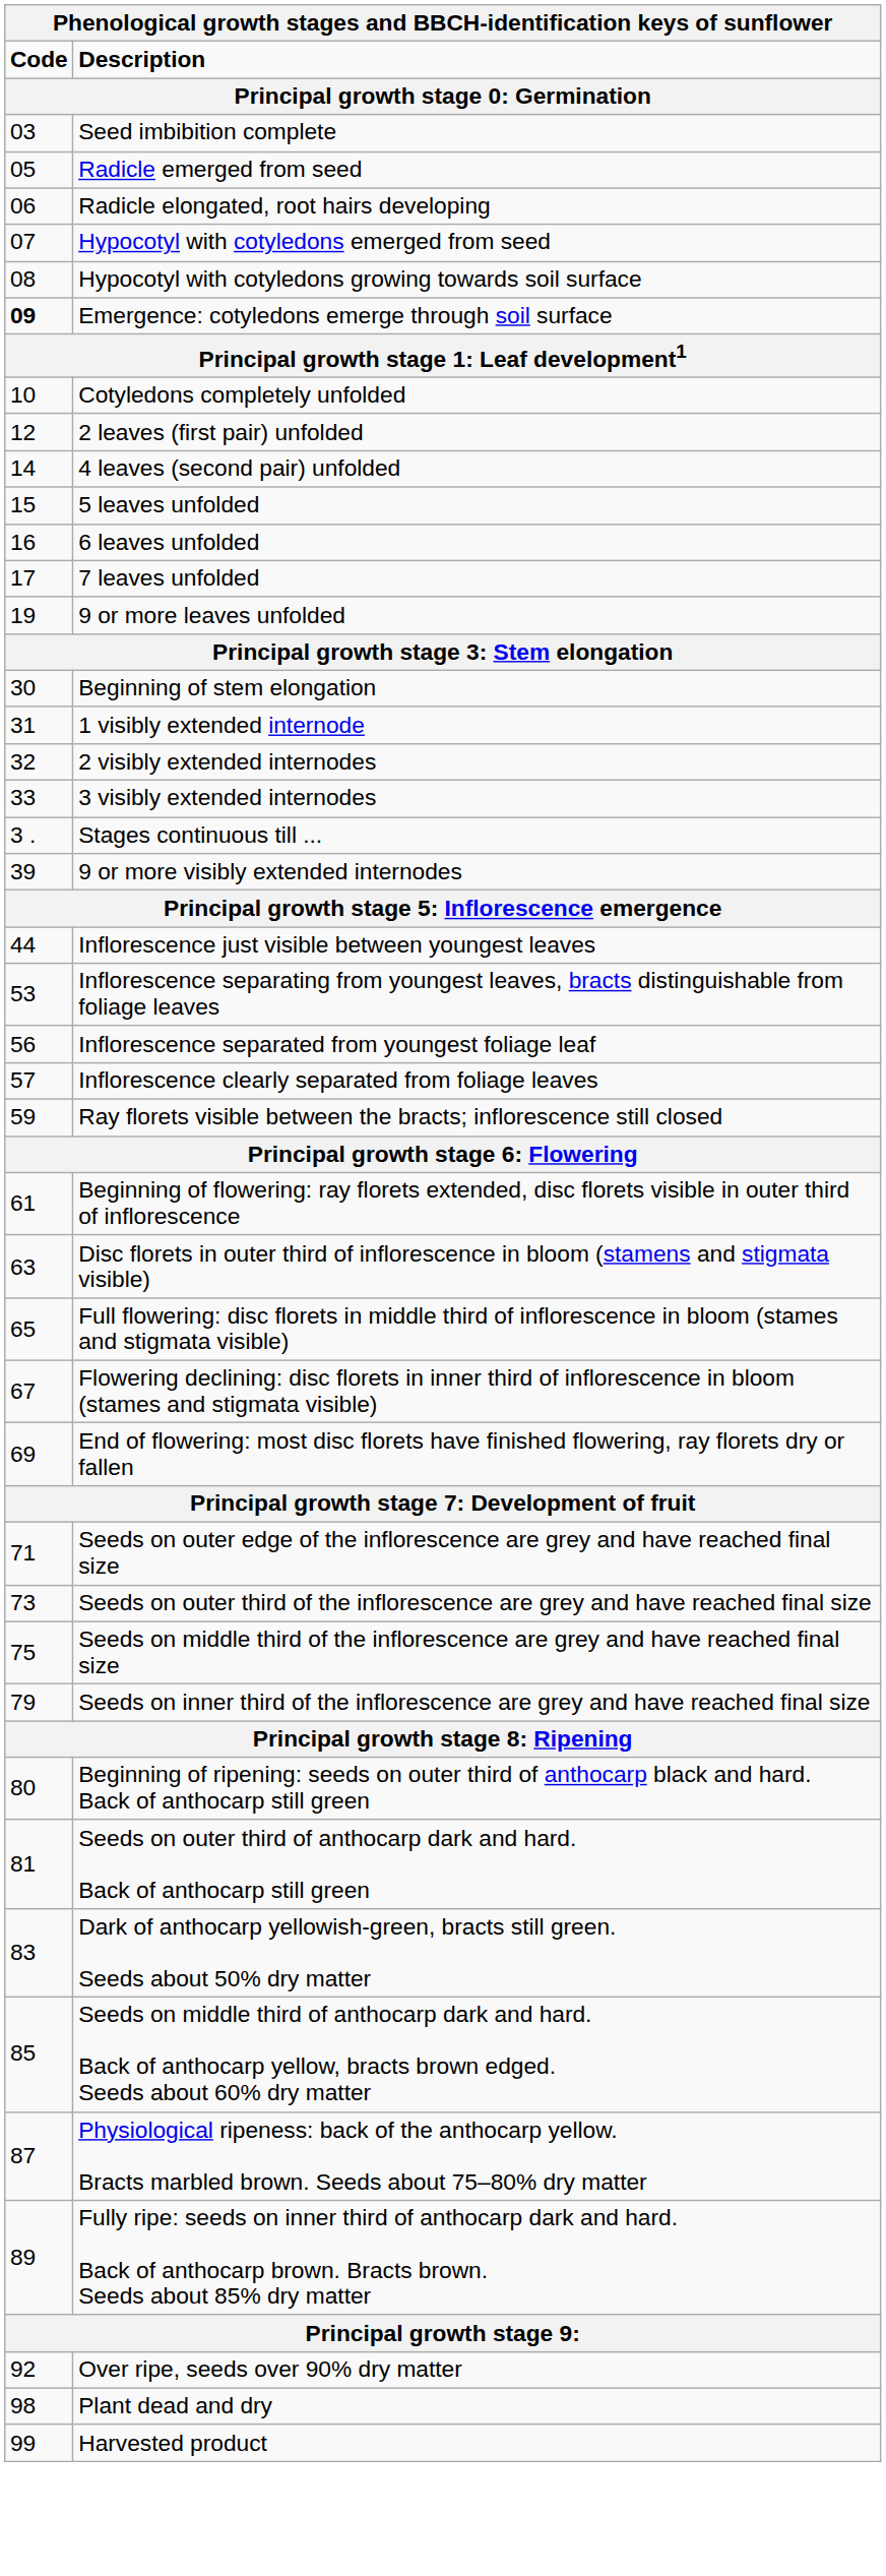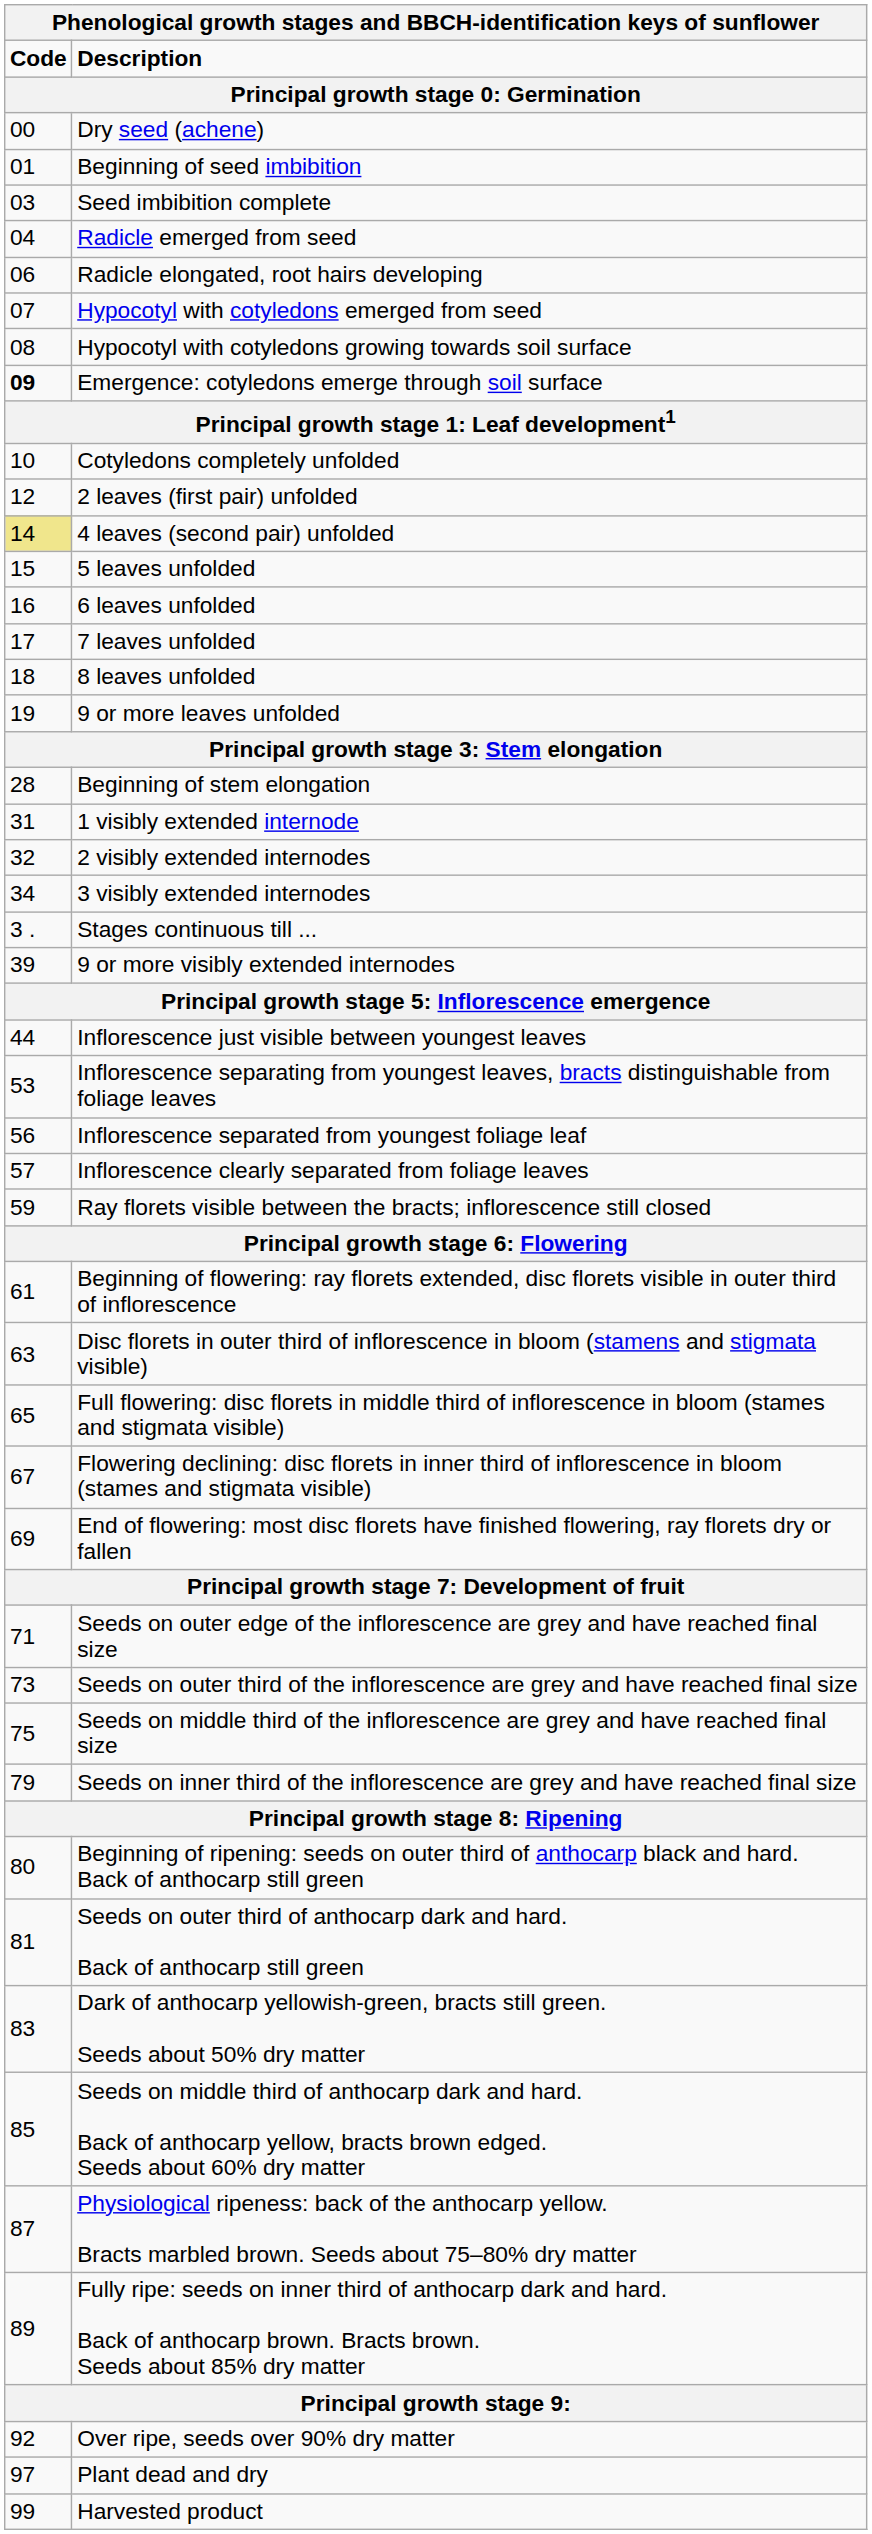 <table class="wikitable" style="clear">
 <tr>
 <th colspan=2><strong>Phenological growth stages and BBCH-identification keys of sunflower</strong><br></th>
 </tr>
 <tr>
 <td><strong>Code</strong></td>
 <td><strong>Description</strong></td>
 </tr>
 <tr>
 <th colspan=2>Principal growth stage 0: Germination</th>
 </tr>
 <tr>
+<td>00</td>
+<td>Dry <a href='#'>seed</a> (<a href='#'>achene</a>)</td>
+</tr>
+<tr>
+<td>01</td>
+<td>Beginning of seed <a href='#'>imbibition</a></td>
+</tr>
+<tr>
 <td>03</td>
 <td>Seed imbibition complete</td>
 </tr>
 <tr>
-<td>05</td>
+<td>04</td>
 <td><a href='#'>Radicle</a> emerged from seed</td>
 </tr>
 <tr>
 <td>06</td>
 <td>Radicle elongated, root hairs developing</td>
 </tr>
 <tr>
 <td>07</td>
 <td><a href='#'>Hypocotyl</a> with <a href='#'>cotyledons</a> emerged from seed</td>
 </tr>
 <tr>
 <td>08</td>
 <td>Hypocotyl with cotyledons growing towards soil surface</td>
 </tr>
 <tr>
 <td><strong>09</strong></td>
 <td>Emergence: cotyledons emerge through <a href='#'>soil</a> surface</td>
 </tr>
 <tr>
 <th colspan=2>Principal growth stage 1: Leaf development<sup>1</sup></th>
 </tr>
 <tr>
 <td>10</td>
 <td>Cotyledons completely unfolded</td>
 </tr>
 <tr>
 <td>12</td>
 <td>2 leaves (first pair) unfolded</td>
 </tr>
 <tr>
-<td>14</td>
+<td style="background: khaki;">14</td>
 <td>4 leaves (second pair) unfolded</td>
 </tr>
 <tr>
 <td>15</td>
 <td>5 leaves unfolded</td>
 </tr>
 <tr>
 <td>16</td>
 <td>6 leaves unfolded</td>
 </tr>
 <tr>
 <td>17</td>
 <td>7 leaves unfolded</td>
 </tr>
 <tr>
+<td>18</td>
+<td>8 leaves unfolded</td>
+</tr>
+<tr>
 <td>19</td>
 <td>9 or more leaves unfolded</td>
 </tr>
 <tr>
 <th colspan=2>Principal growth stage 3: <a href='#'>Stem</a> elongation</th>
 </tr>
 <tr>
-<td>30</td>
+<td>28</td>
 <td>Beginning of stem elongation</td>
 </tr>
 <tr>
 <td>31</td>
 <td>1 visibly extended <a href='#'>internode</a></td>
 </tr>
 <tr>
 <td>32</td>
 <td>2 visibly extended internodes</td>
 </tr>
 <tr>
-<td>33</td>
+<td>34</td>
 <td>3 visibly extended internodes</td>
 </tr>
 <tr>
 <td>3 .</td>
 <td>Stages continuous till ...</td>
 </tr>
 <tr>
 <td>39</td>
 <td>9 or more visibly extended internodes</td>
 </tr>
 <tr>
 <th colspan=2>Principal growth stage 5: <a href='#'>Inflorescence</a> emergence</th>
 </tr>
 <tr>
 <td>44</td>
 <td>Inflorescence just visible between youngest leaves</td>
 </tr>
 <tr>
 <td>53</td>
 <td>Inflorescence separating from youngest leaves, <a href='#'>bracts</a> distinguishable from foliage leaves</td>
 </tr>
 <tr>
 <td>56</td>
 <td>Inflorescence separated from youngest foliage leaf</td>
 </tr>
 <tr>
 <td>57</td>
 <td>Inflorescence clearly separated from foliage leaves</td>
 </tr>
 <tr>
 <td>59</td>
 <td>Ray florets visible between the bracts; inflorescence still closed</td>
 </tr>
 <tr>
 <th colspan=2>Principal growth stage 6: <a href='#'>Flowering</a></th>
 </tr>
 <tr>
 <td>61</td>
 <td>Beginning of flowering: ray florets extended, disc florets visible in outer third of inflorescence</td>
 </tr>
 <tr>
 <td>63</td>
 <td>Disc florets in outer third of inflorescence in bloom (<a href='#'>stamens</a> and <a href='#'>stigmata</a> visible)</td>
 </tr>
 <tr>
 <td>65</td>
 <td>Full flowering: disc florets in middle third of inflorescence in bloom (stames and stigmata visible)</td>
 </tr>
 <tr>
 <td>67</td>
 <td>Flowering declining: disc florets in inner third of inflorescence in bloom (stames and stigmata visible)</td>
 </tr>
 <tr>
 <td>69</td>
 <td>End of flowering: most disc florets have finished flowering, ray florets dry or fallen</td>
 </tr>
 <tr>
 <th colspan=2>Principal growth stage 7: Development of fruit</th>
 </tr>
 <tr>
 <td>71</td>
 <td>Seeds on outer edge of the inflorescence are grey and have reached final size</td>
 </tr>
 <tr>
 <td>73</td>
 <td>Seeds on outer third of the inflorescence are grey and have reached final size</td>
 </tr>
 <tr>
 <td>75</td>
 <td>Seeds on middle third of the inflorescence are grey and have reached final size</td>
 </tr>
 <tr>
 <td>79</td>
 <td>Seeds on inner third of the inflorescence are grey and have reached final size</td>
 </tr>
 <tr>
 <th colspan=2>Principal growth stage 8: <a href='#'>Ripening</a></th>
 </tr>
 <tr>
 <td>80</td>
 <td>Beginning of ripening: seeds on outer third of <a href='#'>anthocarp</a> black and hard. <br>Back of anthocarp still green</td>
 </tr>
 <tr>
 <td>81</td>
 <td>Seeds on outer third of anthocarp dark and hard.<br><br>Back of anthocarp still green</td>
 </tr>
 <tr>
 <td>83</td>
 <td>Dark of anthocarp yellowish-green, bracts still green.<br><br>Seeds about 50% dry matter</td>
 </tr>
 <tr>
 <td>85</td>
 <td>Seeds on middle third of anthocarp dark and hard.<br><br>Back of anthocarp yellow, bracts brown edged.<br> Seeds about 60% dry matter</td>
 </tr>
 <tr>
 <td>87</td>
 <td><a href='#'>Physiological</a> ripeness: back of the anthocarp yellow.<br><br>Bracts marbled brown. Seeds about 75–80% dry matter</td>
 </tr>
 <tr>
 <td>89</td>
 <td>Fully ripe: seeds on inner third of anthocarp dark and hard.<br><br>Back of anthocarp brown. Bracts brown.<br> Seeds about 85% dry matter</td>
 </tr>
 <tr>
 <th colspan=2>Principal growth stage 9:</th>
 </tr>
 <tr>
 <td>92</td>
 <td>Over ripe, seeds over 90% dry matter</td>
 </tr>
 <tr>
-<td>98</td>
+<td>97</td>
 <td>Plant dead and dry</td>
 </tr>
 <tr>
 <td>99</td>
 <td>Harvested product</td>
 </tr>
 <tr>
 </tr>
 </table>
